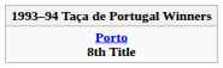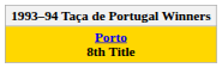 <table class="wikitable" style="text-align: center; margin: 0 auto; width: 20%">
 <tr>
 <th>1993–94 Taça de Portugal Winners</th>
 </tr>
 <tr>
-<td><strong><a href='#'>Porto</a></strong><br><strong>8th Title</strong></td>
+<td style="background: gold;"><strong><a href='#'>Porto</a></strong><br><strong>8th Title</strong></td>
 </tr>
 </table>
